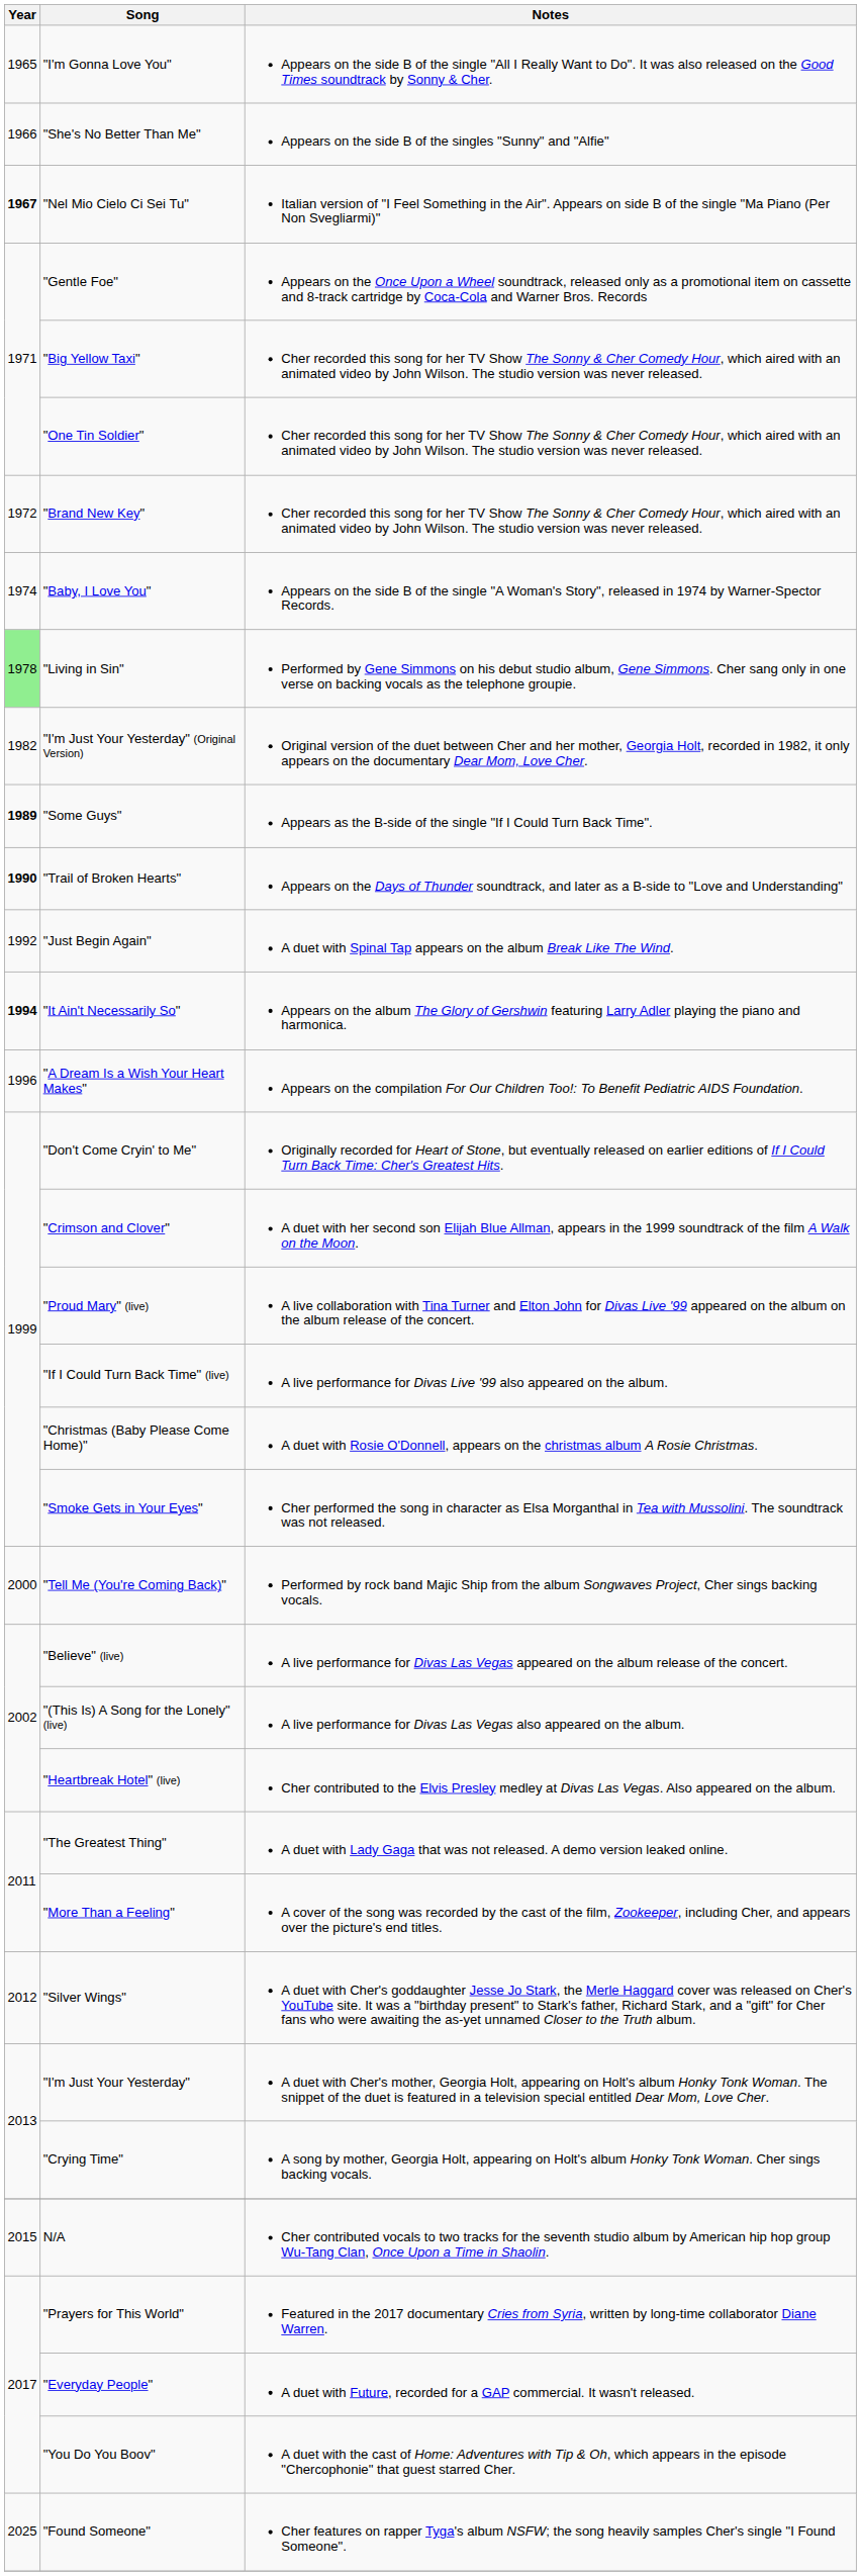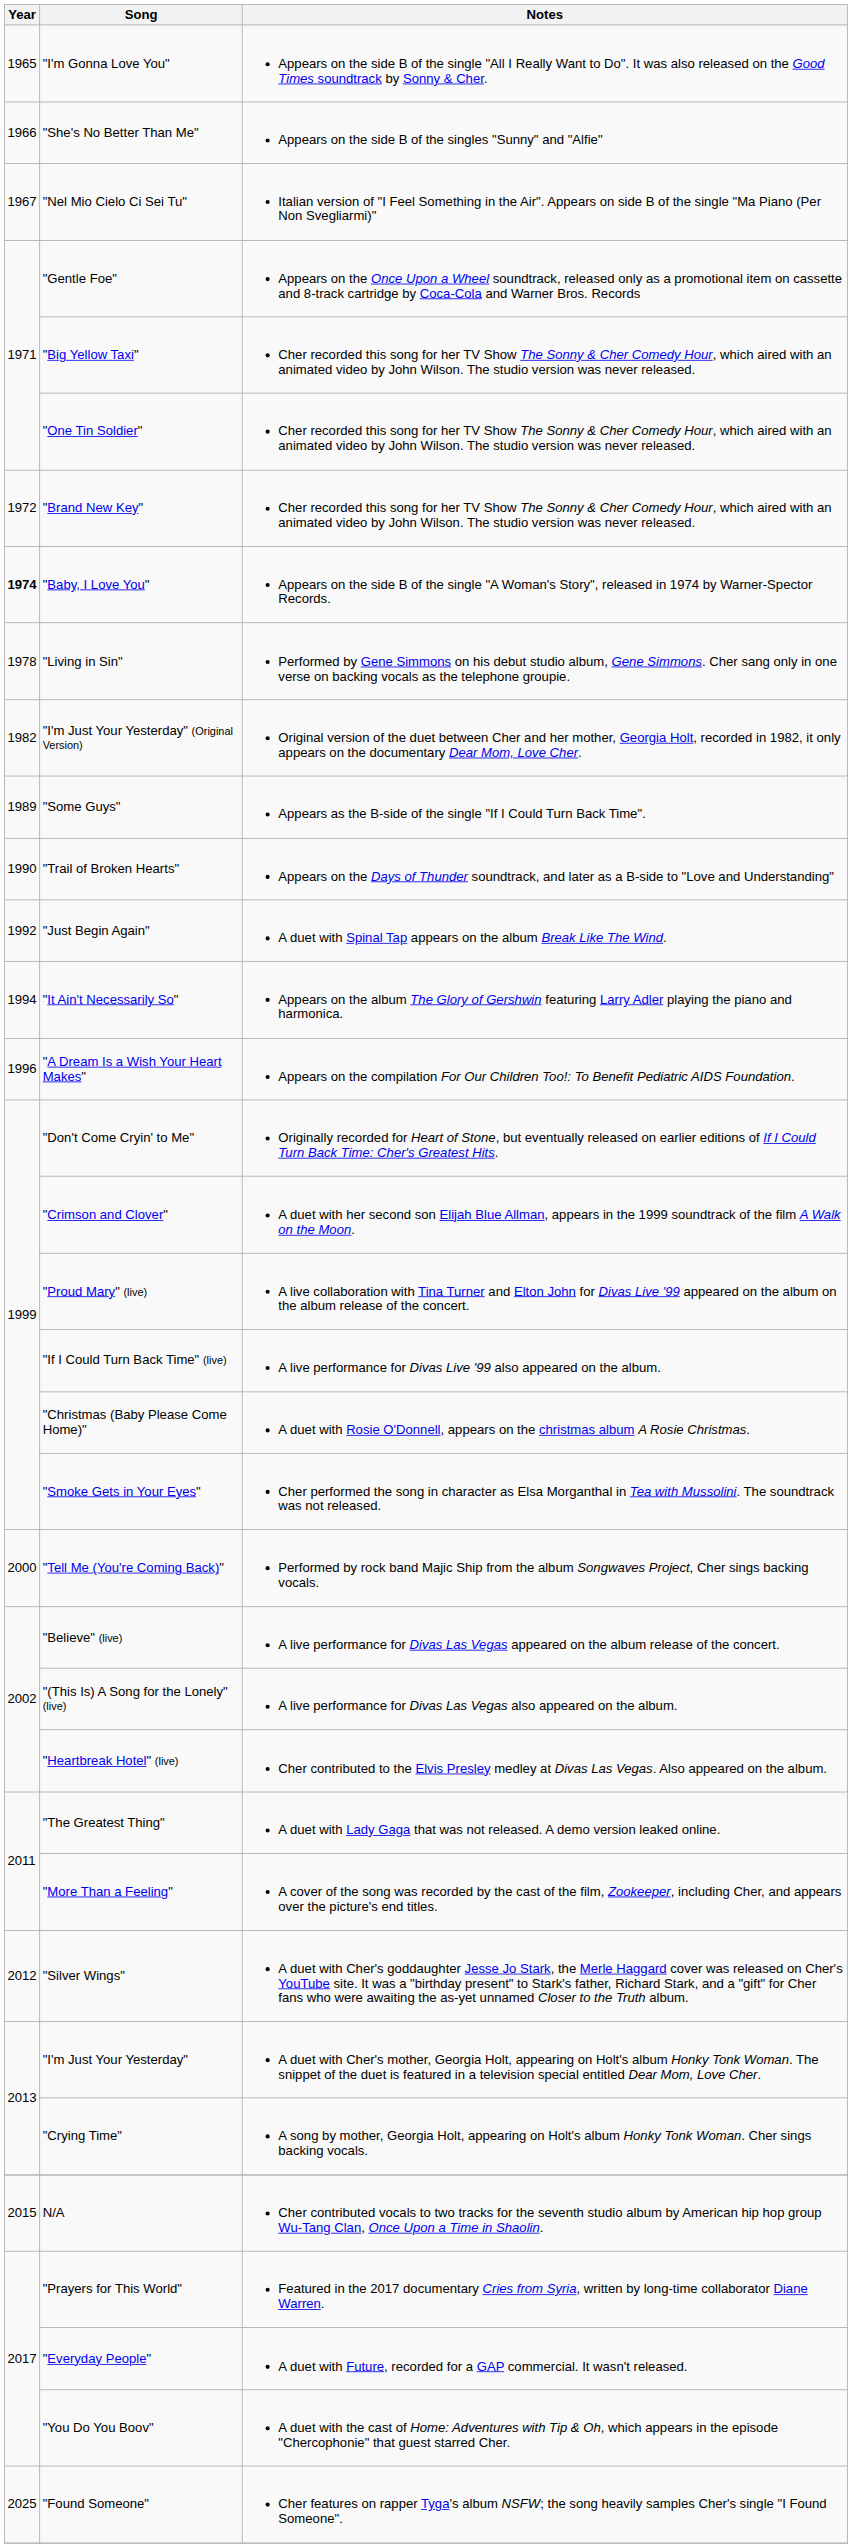 <table class="wikitable" >
 <tr>
 <th width="30">Year</th>
 <th width="240">Song</th>
 <th width="730">Notes</th>
 </tr>
 <tr>
 <td>1965</td>
 <td>"I'm Gonna Love You"</td>
 <td><br><ul><li>Appears on the side B of the single "All I Really Want to Do". It was also released on the <a href='#'><em>Good Times</em> soundtrack</a> by <a href='#'>Sonny & Cher</a>.</li></ul></td>
 </tr>
 <tr>
 <td>1966</td>
 <td>"She's No Better Than Me"</td>
 <td><br><ul><li>Appears on the side B of the singles "Sunny" and "Alfie"</li></ul></td>
 </tr>
 <tr>
-<td><strong>1967</strong></td>
+<td>1967</td>
 <td>"Nel Mio Cielo Ci Sei Tu"</td>
 <td><br><ul><li>Italian version of "I Feel Something in the Air". Appears on side B of the single "Ma Piano (Per Non Svegliarmi)"</li></ul></td>
 </tr>
 <tr>
 <td rowspan="3">1971</td>
 <td>"Gentle Foe"</td>
 <td><br><ul><li>Appears on the <em><a href='#'>Once Upon a Wheel</a></em> soundtrack, released only as a promotional item on cassette and 8-track cartridge by <a href='#'>Coca-Cola</a> and Warner Bros. Records</li></ul></td>
 </tr>
 <tr>
 <td>"<a href='#'>Big Yellow Taxi</a>"</td>
 <td><br><ul><li>Cher recorded this song for her TV Show <em><a href='#'>The Sonny & Cher Comedy Hour</a></em>, which aired with an animated video by John Wilson. The studio version was never released.</li></ul></td>
 </tr>
 <tr>
 <td>"<a href='#'>One Tin Soldier</a>"</td>
 <td><br><ul><li>Cher recorded this song for her TV Show <em>The Sonny & Cher Comedy Hour</em>, which aired with an animated video by John Wilson. The studio version was never released.</li></ul></td>
 </tr>
 <tr>
 <td>1972</td>
 <td>"<a href='#'>Brand New Key</a>"</td>
 <td><br><ul><li>Cher recorded this song for her TV Show <em>The Sonny & Cher Comedy Hour</em>, which aired with an animated video by John Wilson. The studio version was never released.</li></ul></td>
 </tr>
 <tr>
-<td>1974</td>
+<td><strong>1974</strong></td>
 <td>"<a href='#'>Baby, I Love You</a>"</td>
 <td><br><ul><li>Appears on the side B of the single "A Woman's Story", released in 1974 by Warner-Spector Records.</li></ul></td>
 </tr>
 <tr>
-<td style="background: lightgreen;">1978</td>
+<td>1978</td>
 <td>"Living in Sin"</td>
 <td><br><ul><li>Performed by <a href='#'>Gene Simmons</a> on his debut studio album, <em><a href='#'>Gene Simmons</a></em>. Cher sang only in one verse on backing vocals as the telephone groupie.</li></ul></td>
 </tr>
 <tr>
 <td>1982</td>
 <td>"I'm Just Your Yesterday" <small>(Original Version)</small></td>
 <td><br><ul><li>Original version of the duet between Cher and her mother, <a href='#'>Georgia Holt</a>, recorded in 1982, it only appears on the documentary <em><a href='#'>Dear Mom, Love Cher</a></em>.</li></ul></td>
 </tr>
 <tr>
-<td><strong>1989</strong></td>
+<td>1989</td>
 <td>"Some Guys"</td>
 <td><br><ul><li>Appears as the B-side of the single "If I Could Turn Back Time".</li></ul></td>
 </tr>
 <tr>
-<td><strong>1990</strong></td>
+<td>1990</td>
 <td>"Trail of Broken Hearts"</td>
 <td><br><ul><li>Appears on the <em><a href='#'>Days of Thunder</a></em> soundtrack, and later as a B-side to "Love and Understanding"</li></ul></td>
 </tr>
 <tr>
 <td>1992</td>
 <td>"Just Begin Again"</td>
 <td><br><ul><li>A duet with <a href='#'>Spinal Tap</a> appears on the album <em><a href='#'>Break Like The Wind</a></em>.</li></ul></td>
 </tr>
 <tr>
-<td><strong>1994</strong></td>
+<td>1994</td>
 <td>"<a href='#'>It Ain't Necessarily So</a>"</td>
 <td><br><ul><li>Appears on the album <em><a href='#'>The Glory of Gershwin</a></em> featuring <a href='#'>Larry Adler</a> playing the piano and harmonica.</li></ul></td>
 </tr>
 <tr>
 <td>1996</td>
 <td>"<a href='#'>A Dream Is a Wish Your Heart Makes</a>"</td>
 <td><br><ul><li>Appears on the compilation <em>For Our Children Too!: To Benefit Pediatric AIDS Foundation</em>.</li></ul></td>
 </tr>
 <tr>
 <td rowspan=6>1999</td>
 <td>"Don't Come Cryin' to Me"</td>
 <td><br><ul><li>Originally recorded for <em>Heart of Stone</em>, but eventually released on earlier editions of <em><a href='#'>If I Could Turn Back Time: Cher's Greatest Hits</a></em>.</li></ul></td>
 </tr>
 <tr>
 <td>"<a href='#'>Crimson and Clover</a>"</td>
 <td><br><ul><li>A duet with her second son <a href='#'>Elijah Blue Allman</a>, appears in the 1999 soundtrack of the film <em><a href='#'>A Walk on the Moon</a></em>.</li></ul></td>
 </tr>
 <tr>
 <td>"<a href='#'>Proud Mary</a>" <small>(live)</small></td>
 <td><br><ul><li>A live collaboration with <a href='#'>Tina Turner</a> and <a href='#'>Elton John</a> for <em><a href='#'>Divas Live '99</a></em> appeared on the album on the album release of the concert.</li></ul></td>
 </tr>
 <tr>
 <td>"If I Could Turn Back Time" <small>(live)</small></td>
 <td><br><ul><li>A live performance for <em>Divas Live '99</em> also appeared on the album.</li></ul></td>
 </tr>
 <tr>
 <td>"Christmas (Baby Please Come Home)"</td>
 <td><br><ul><li>A duet with <a href='#'>Rosie O'Donnell</a>, appears on the <a href='#'>christmas album</a> <em>A Rosie Christmas</em>.</li></ul></td>
 </tr>
 <tr>
 <td>"<a href='#'>Smoke Gets in Your Eyes</a>"</td>
 <td><br><ul><li>Cher performed the song in character as Elsa Morganthal in <em><a href='#'>Tea with Mussolini</a></em>. The soundtrack was not released.</li></ul></td>
 </tr>
 <tr>
 <td>2000</td>
 <td>"<a href='#'>Tell Me (You're Coming Back)</a>"</td>
 <td><br><ul><li>Performed by rock band Majic Ship from the album <em>Songwaves Project</em>, Cher sings backing vocals.</li></ul></td>
 </tr>
 <tr>
 <td rowspan=3>2002</td>
 <td>"Believe" <small>(live)</small></td>
 <td><br><ul><li>A live performance for <em><a href='#'>Divas Las Vegas</a></em> appeared on the album release of the concert.</li></ul></td>
 </tr>
 <tr>
 <td>"(This Is) A Song for the Lonely" <small>(live)</small></td>
 <td><br><ul><li>A live performance for <em>Divas Las Vegas</em> also appeared on the album.</li></ul></td>
 </tr>
 <tr>
 <td>"<a href='#'>Heartbreak Hotel</a>" <small>(live)</small></td>
 <td><br><ul><li>Cher contributed to the <a href='#'>Elvis Presley</a> medley at <em>Divas Las Vegas</em>. Also appeared on the album.</li></ul></td>
 </tr>
 <tr>
 <td rowspan=2>2011</td>
 <td>"The Greatest Thing"</td>
 <td><br><ul><li>A duet with <a href='#'>Lady Gaga</a> that was not released. A demo version leaked online.</li></ul></td>
 </tr>
 <tr>
 <td>"<a href='#'>More Than a Feeling</a>"</td>
 <td><br><ul><li>A cover of the song was recorded by the cast of the film, <em><a href='#'>Zookeeper</a></em>, including Cher, and appears over the picture's end titles.</li></ul></td>
 </tr>
 <tr>
 <td>2012</td>
 <td>"Silver Wings"</td>
 <td><br><ul><li>A duet with Cher's goddaughter <a href='#'>Jesse Jo Stark</a>, the <a href='#'>Merle Haggard</a> cover was released on Cher's <a href='#'>YouTube</a> site. It was a "birthday present" to Stark's father, Richard Stark, and a "gift" for Cher fans who were awaiting the as-yet unnamed <em>Closer to the Truth</em> album.</li></ul></td>
 </tr>
 <tr>
 <td rowspan="2">2013</td>
 <td>"I'm Just Your Yesterday"</td>
 <td><br><ul><li>A duet with Cher's mother, Georgia Holt, appearing on Holt's album <em>Honky Tonk Woman</em>. The snippet of the duet is featured in a television special entitled <em>Dear Mom, Love Cher</em>.</li></ul></td>
 </tr>
 <tr>
 <td>"Crying Time"</td>
 <td><br><ul><li>A song by mother, Georgia Holt, appearing on Holt's album <em>Honky Tonk Woman</em>. Cher sings backing vocals.</li></ul></td>
 </tr>
 <tr>
 </tr>
 <tr>
 <td>2015</td>
 <td>N/A</td>
 <td><br><ul><li>Cher contributed vocals to two tracks for the seventh studio album by American hip hop group <a href='#'>Wu-Tang Clan</a>, <em><a href='#'>Once Upon a Time in Shaolin</a></em>.</li></ul></td>
 </tr>
 <tr>
 <td rowspan="3">2017</td>
 <td>"Prayers for This World"</td>
 <td><br><ul><li>Featured in the 2017 documentary <em><a href='#'>Cries from Syria</a></em>, written by long-time collaborator <a href='#'>Diane Warren</a>.</li></ul></td>
 </tr>
 <tr>
 <td>"<a href='#'>Everyday People</a>"</td>
 <td><br><ul><li>A duet with <a href='#'>Future</a>, recorded for a <a href='#'>GAP</a> commercial. It wasn't released.</li></ul></td>
 </tr>
 <tr>
 <td>"You Do You Boov"</td>
 <td><br><ul><li>A duet with the cast of <em>Home: Adventures with Tip & Oh</em>, which appears in the episode "Chercophonie" that guest starred Cher.</li></ul></td>
 </tr>
 <tr>
 <td>2025</td>
 <td>"Found Someone"</td>
 <td><br><ul><li>Cher features on rapper <a href='#'>Tyga</a>'s album <em>NSFW</em>; the song heavily samples Cher's single "I Found Someone".</li></ul></td>
 </tr>
 <tr>
 </tr>
 </table>
